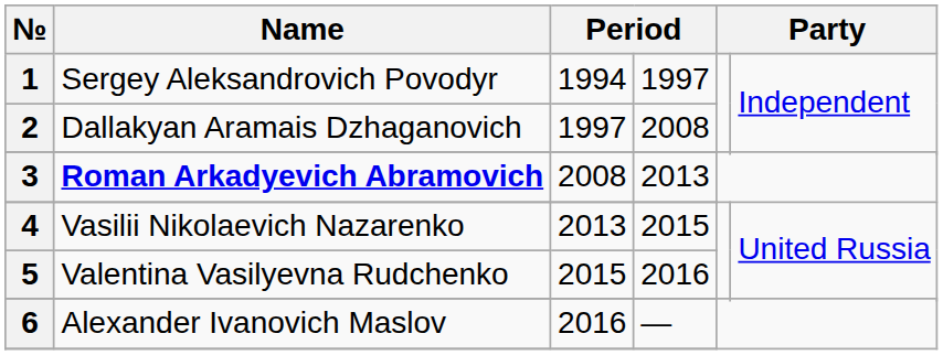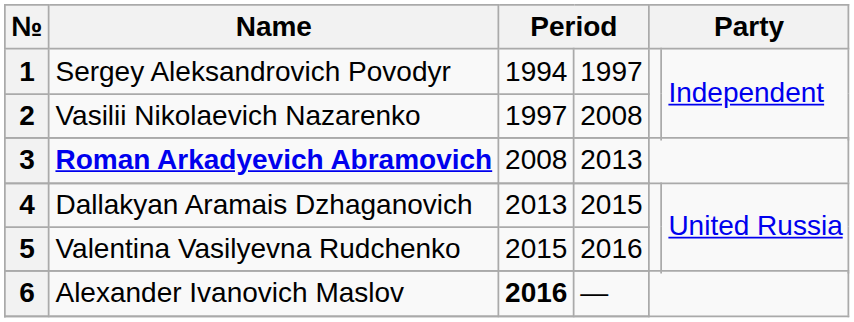 <table class="wikitable">
 <tr>
 <th>№</th>
 <th>Name</th>
 <th colspan="2">Period</th>
 <th colspan=2>Party</th>
 </tr>
 <tr>
 <th rowspan=1>1</th>
 <td>Sergey Aleksandrovich Povodyr</td>
 <td>1994</td>
 <td>1997</td>
 <td rowspan=3; style="background: "></td>
 <td rowspan="3"><a href='#'>Independent</a></td>
 </tr>
 <tr>
 <th rowspan=1>2</th>
-<td>Dallakyan Aramais Dzhaganovich</td>
+<td rowspan=1>Vasilii Nikolaevich Nazarenko</td>
 <td rowspan=1>1997</td>
 <td rowspan=1>2008</td>
 </tr>
 <tr>
 </tr>
 <tr>
 </tr>
 <tr>
 <th rowspan=1>3</th>
 <td rowspan=1><strong><a href='#'>Roman Arkadyevich Abramovich</a></strong></td>
 <td rowspan=1>2008</td>
 <td rowspan=1>2013</td>
 </tr>
 <tr>
 </tr>
 <tr>
 </tr>
 <tr>
 <th rowspan=1>4</th>
-<td rowspan=1>Vasilii Nikolaevich Nazarenko</td>
+<td>Dallakyan Aramais Dzhaganovich</td>
 <td>2013</td>
 <td>2015</td>
 <td rowspan=3; style="background: "></td>
 <td rowspan="3"><a href='#'>United Russia</a></td>
 </tr>
 <tr>
 <th rowspan=1>5</th>
 <td>Valentina Vasilyevna Rudchenko</td>
 <td>2015</td>
 <td>2016</td>
 </tr>
 <tr>
 </tr>
 <tr>
 </tr>
 <tr>
 <th rowspan=1>6</th>
 <td rowspan=1>Alexander Ivanovich Maslov</td>
-<td rowspan=1>2016</td>
+<td rowspan=1><strong>2016</strong></td>
 <td rowspan=1>—</td>
 </tr>
 <tr>
 </tr>
 <tr>
 </tr>
 <tr>
 </tr>
 </table>
